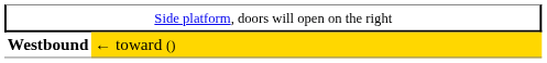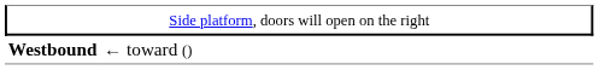 <table table border=0 cellspacing=0 cellpadding=3>
 <tr>
 <td style="border-bottom:solid 2px black;border-right:solid 2px black;border-left:solid 2px black;border-top:solid 1px gray;text-align:center;" colspan=2><small><a href='#'>Side platform</a>, doors will open on the right</small></td>
 </tr>
 <tr>
 <td style="border-bottom:solid 1px gray;"><strong>Westbound</strong></td>
-<td style="background: gold; border-bottom:solid 1px gray;" width=425>← <strong></strong> toward  <small>()</small></td>
+<td style="border-bottom:solid 1px gray;" width=425>← <strong></strong> toward  <small>()</small></td>
 </tr>
 </table>
